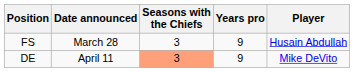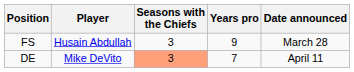 <table class="wikitable sortable" style="text-align:center">
 <tr>
 <th>Position</th>
-<th>Date announced</th>
+<th>Player</th>
 <th>Seasons with<br>the Chiefs</th>
 <th>Years pro</th>
-<th>Player</th>
+<th>Date announced</th>
 </tr>
 <tr>
 <td>FS</td>
-<td>March 28</td>
+<td><a href='#'>Husain Abdullah</a></td>
 <td>3</td>
 <td>9</td>
-<td><a href='#'>Husain Abdullah</a></td>
+<td>March 28</td>
 </tr>
 <tr>
 <td>DE</td>
+<td><a href='#'>Mike DeVito</a></td>
+<td style="background: lightsalmon;">3</td>
+<td>7</td>
 <td>April 11</td>
-<td style="background: lightsalmon;">3</td>
-<td>9</td>
-<td><a href='#'>Mike DeVito</a></td>
 </tr>
 </table>
